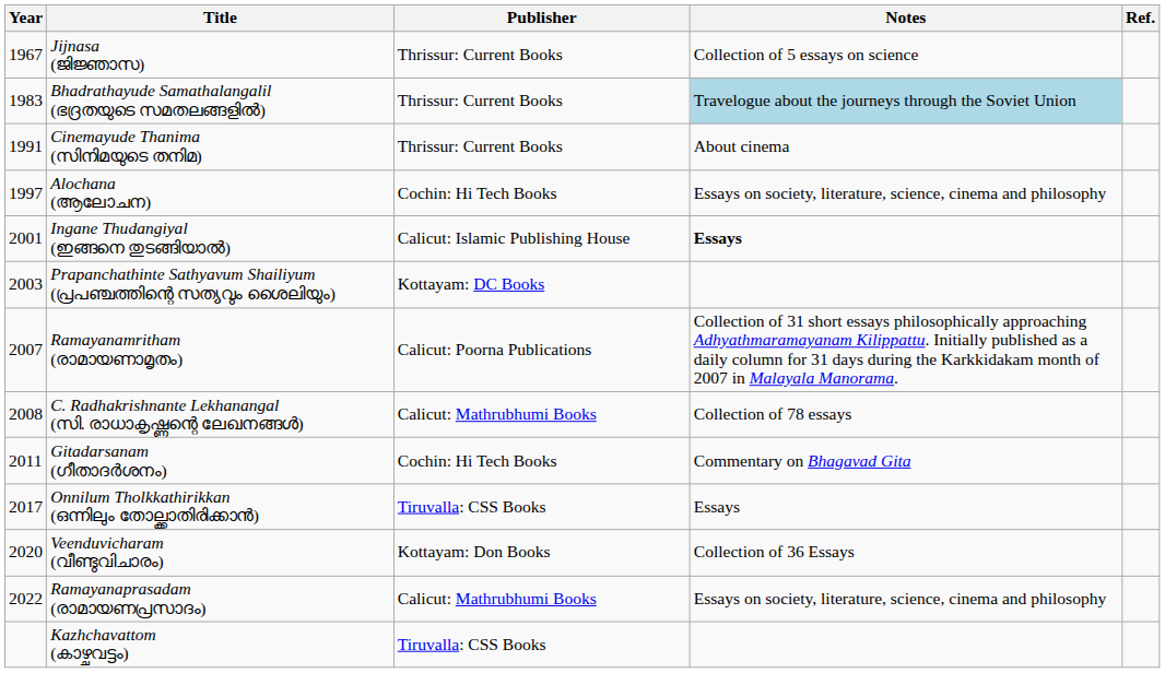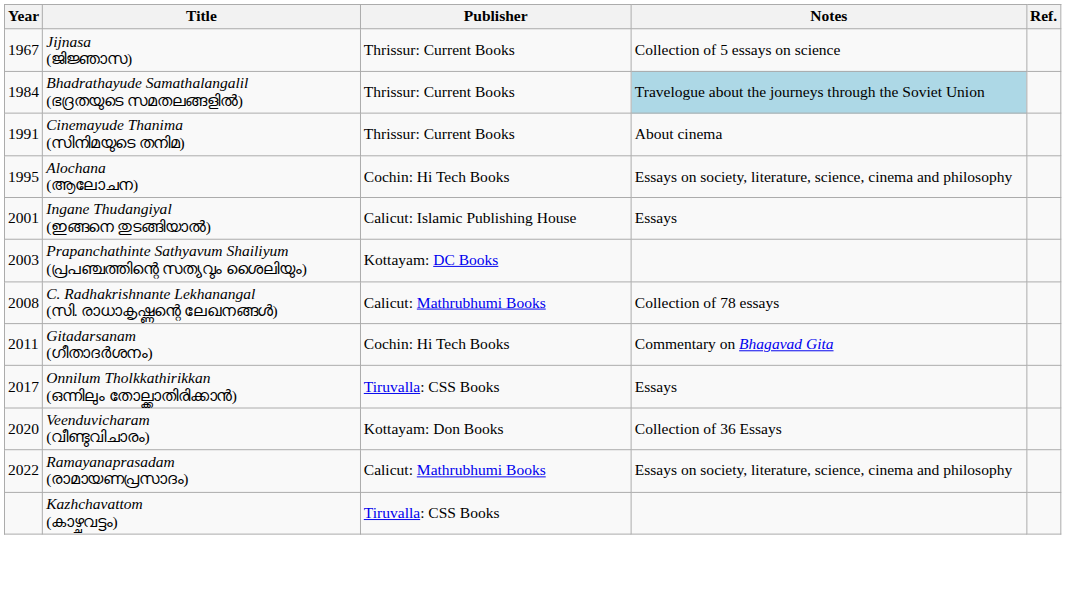 <table class="wikitable">
 <tr>
 <th>Year</th>
 <th ! style=width:20em>Title</th>
 <th ! style=width:17em>Publisher</th>
 <th ! style=width:25em>Notes</th>
 <th>Ref.</th>
 </tr>
 <tr>
 <td>1967</td>
 <td><em>Jijnasa</em><br>(ജിജ്ഞാസ)</td>
 <td>Thrissur: Current Books</td>
 <td>Collection of 5 essays on science</td>
 <td></td>
 </tr>
 <tr>
-<td>1983</td>
+<td>1984</td>
 <td><em>Bhadrathayude Samathalangalil</em><br>(ഭദ്രതയുടെ സമതലങ്ങളിൽ)</td>
 <td>Thrissur: Current Books</td>
 <td style="background: lightblue;">Travelogue about the journeys through the Soviet Union</td>
 <td></td>
 </tr>
 <tr>
 <td>1991</td>
 <td><em>Cinemayude Thanima</em><br>(സിനിമയുടെ തനിമ)</td>
 <td>Thrissur: Current Books</td>
 <td>About cinema</td>
 <td></td>
 </tr>
 <tr>
-<td>1997</td>
+<td>1995</td>
 <td><em>Alochana</em><br>(ആലോചന)</td>
 <td>Cochin: Hi Tech Books</td>
 <td>Essays on society, literature, science, cinema and philosophy</td>
 <td></td>
 </tr>
 <tr>
 <td>2001</td>
 <td><em>Ingane Thudangiyal</em><br>(ഇങ്ങനെ തുടങ്ങിയാല്‍)</td>
 <td>Calicut: Islamic Publishing House</td>
-<td><strong>Essays</strong></td>
+<td>Essays</td>
 <td></td>
 </tr>
 <tr>
 <td>2003</td>
 <td><em>Prapanchathinte Sathyavum Shailiyum</em><br>(പ്രപഞ്ചത്തിന്റെ സത്യവും ശൈലിയും)</td>
 <td>Kottayam: <a href='#'>DC Books</a></td>
 <td></td>
-<td></td>
-</tr>
-<tr>
-<td>2007</td>
-<td><em>Ramayanamritham</em><br>(രാമായണാമൃതം)</td>
-<td>Calicut: Poorna Publications</td>
-<td>Collection of 31 short essays philosophically approaching <em><a href='#'>Adhyathmaramayanam Kilippattu</a></em>. Initially published as a daily column for 31 days during the Karkkidakam month of 2007 in <em><a href='#'>Malayala Manorama</a></em>.</td>
 <td></td>
 </tr>
 <tr>
 <td>2008</td>
 <td><em>C. Radhakrishnante Lekhanangal</em><br>(സി. രാധാകൃഷ്ണന്റെ ലേഖനങ്ങൾ)</td>
 <td>Calicut: <a href='#'>Mathrubhumi Books</a></td>
 <td>Collection of 78 essays</td>
 <td></td>
 </tr>
 <tr>
 <td>2011</td>
 <td><em>Gitadarsanam</em><br>(ഗീതാദർശനം)</td>
 <td>Cochin: Hi Tech Books</td>
 <td>Commentary on <em><a href='#'>Bhagavad Gita</a></em></td>
 <td></td>
 </tr>
 <tr>
 <td>2017</td>
 <td><em>Onnilum Tholkkathirikkan</em><br>(ഒന്നിലും തോല്ക്കാതിരിക്കാന്‍)</td>
 <td><a href='#'>Tiruvalla</a>: CSS Books</td>
 <td>Essays</td>
 <td></td>
 </tr>
 <tr>
 <td>2020</td>
 <td><em>Veenduvicharam</em><br>(വീണ്ടുവിചാരം)</td>
 <td>Kottayam: Don Books</td>
 <td>Collection of 36 Essays</td>
 <td></td>
 </tr>
 <tr>
 <td>2022</td>
 <td><em>Ramayanaprasadam</em><br>(രാമായണപ്രസാദം)</td>
 <td>Calicut: <a href='#'>Mathrubhumi Books</a></td>
 <td>Essays on society, literature, science, cinema and philosophy</td>
 <td></td>
 </tr>
 <tr>
 <td></td>
 <td><em>Kazhchavattom</em><br>(കാഴ്ചവട്ടം)</td>
 <td><a href='#'>Tiruvalla</a>: CSS Books</td>
 <td></td>
 <td></td>
 </tr>
 </table>
